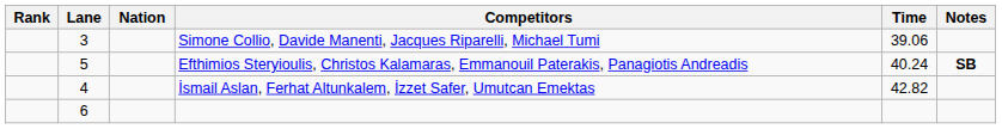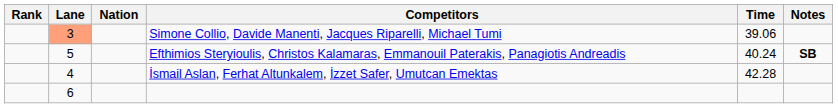 <table class="wikitable sortable" width="80%" style="text-align:center; font-size:95%">
 <tr>
 <th>Rank</th>
 <th>Lane</th>
 <th>Nation</th>
 <th>Competitors</th>
 <th>Time</th>
 <th>Notes</th>
 </tr>
 <tr>
 <td></td>
-<td>3</td>
+<td style="background: lightsalmon;">3</td>
 <td align="left"></td>
 <td align="left"><a href='#'>Simone Collio</a>, <a href='#'>Davide Manenti</a>, <a href='#'>Jacques Riparelli</a>, <a href='#'>Michael Tumi</a></td>
 <td>39.06</td>
 <td></td>
 </tr>
 <tr>
 <td></td>
 <td>5</td>
 <td align="left"></td>
 <td align="left"><a href='#'>Efthimios Steryioulis</a>, <a href='#'>Christos Kalamaras</a>, <a href='#'>Emmanouil Paterakis</a>, <a href='#'>Panagiotis Andreadis</a></td>
 <td>40.24</td>
 <td><strong>SB</strong></td>
 </tr>
 <tr>
 <td></td>
 <td>4</td>
 <td align="left"></td>
 <td align="left"><a href='#'>İsmail Aslan</a>, <a href='#'>Ferhat Altunkalem</a>, <a href='#'>İzzet Safer</a>, <a href='#'>Umutcan Emektas</a></td>
-<td>42.82</td>
+<td>42.28</td>
 <td></td>
 </tr>
 <tr>
 <td></td>
 <td>6</td>
 <td align="left"></td>
 <td align="left"></td>
 <td></td>
 <td></td>
 </tr>
 </table>
